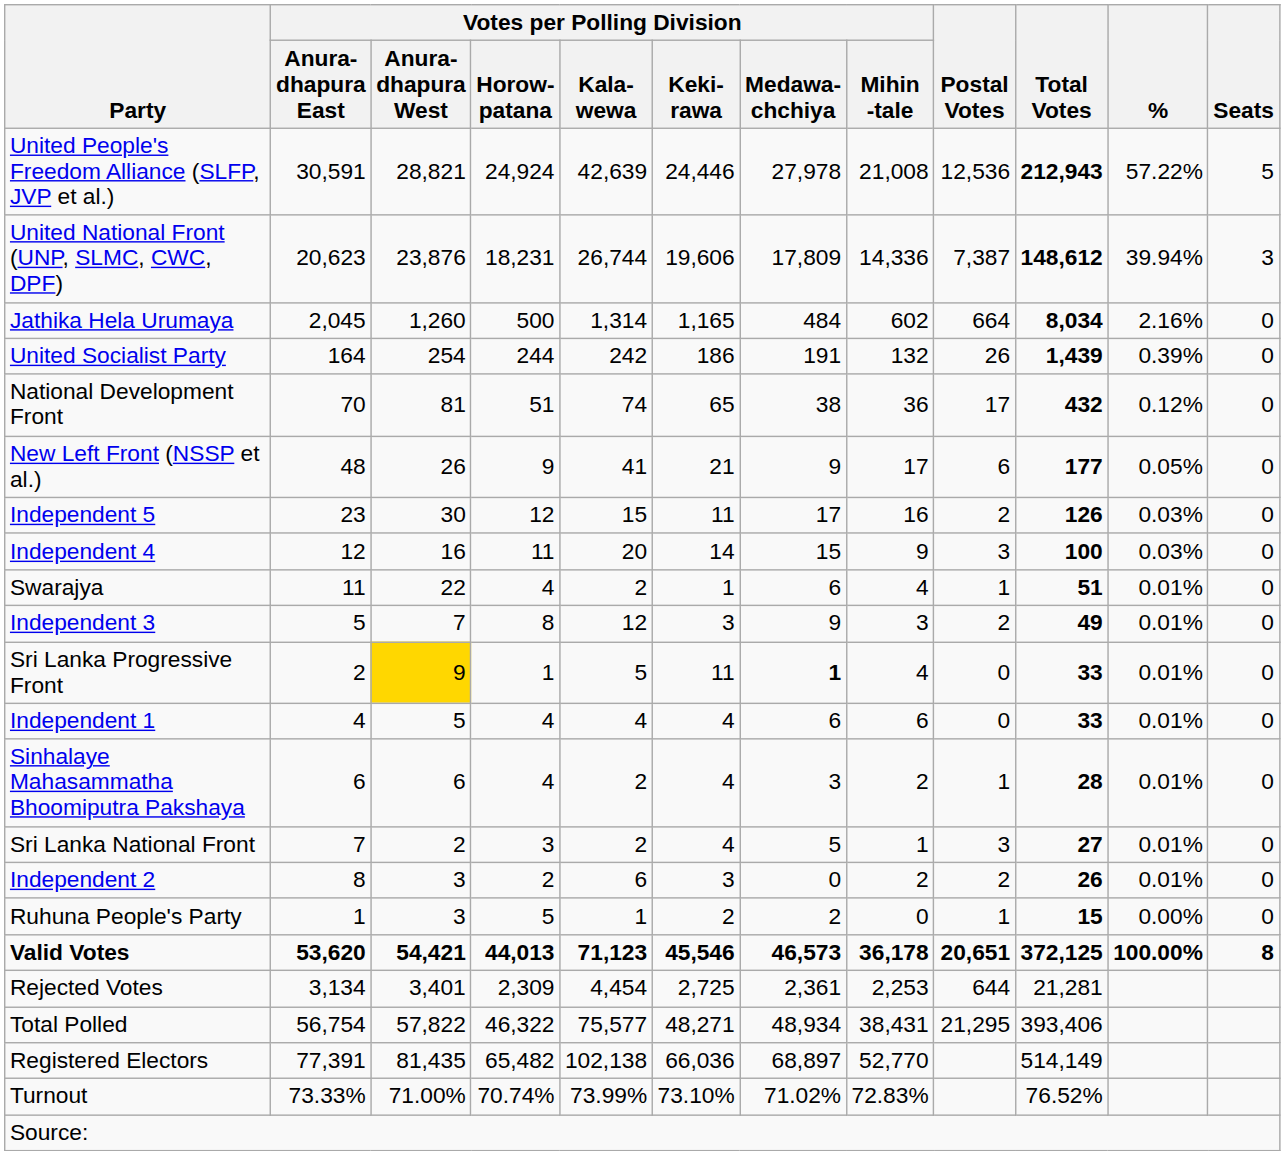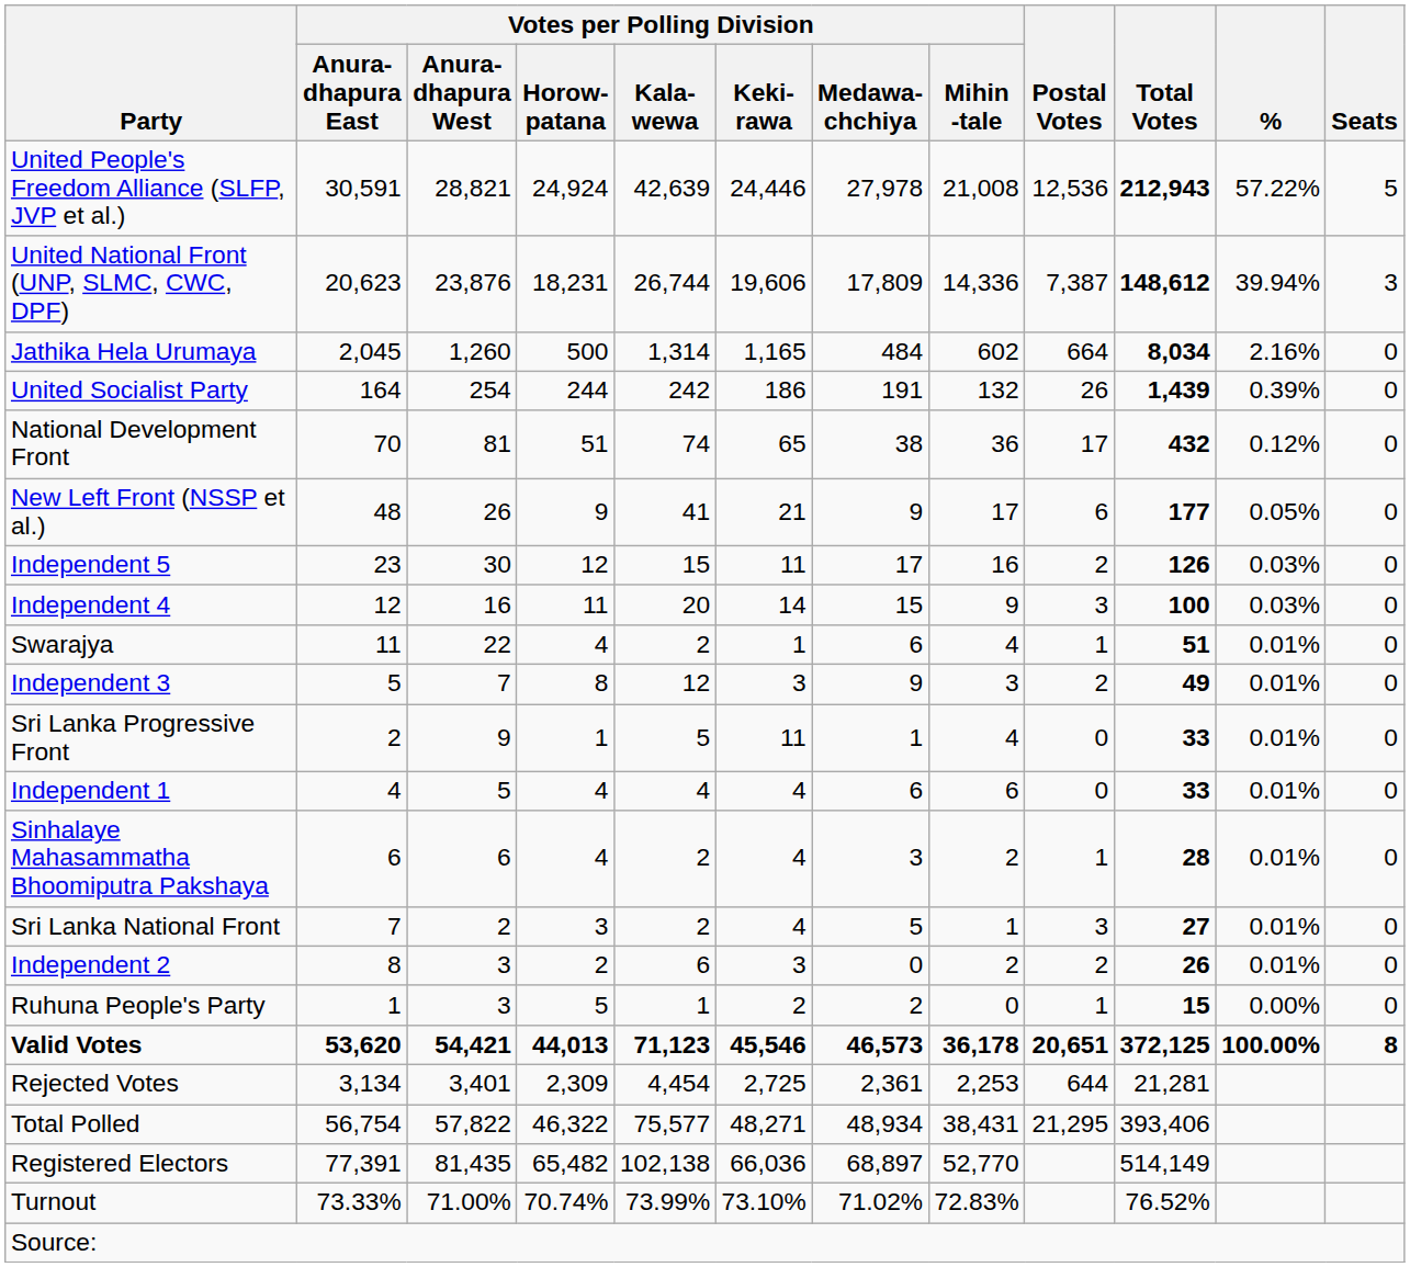 <table class="wikitable" border="1" style="text-align:right;">
 <tr>
 <th align=left valign=bottom rowspan=2 width="180">Party</th>
 <th colspan=7>Votes per Polling Division</th>
 <th align=center valign=bottom rowspan=2 width="50">Postal<br>Votes</th>
 <th align=center valign=bottom rowspan=2 width="50">Total Votes</th>
 <th align=center valign=bottom rowspan=2 width="50">%</th>
 <th align=center valign=bottom rowspan=2 width="40">Seats</th>
 </tr>
 <tr>
 <th align=center valign=bottom width="50">Anura-<br>dhapura<br>East</th>
 <th align=center valign=bottom width="50">Anura-<br>dhapura<br>West</th>
 <th align=center valign=bottom width="50">Horow-<br>patana</th>
 <th align=center valign=bottom width="50">Kala-<br>wewa</th>
 <th align=center valign=bottom width="50">Keki-<br>rawa</th>
 <th align=center valign=bottom width="50">Medawa-<br>chchiya</th>
 <th align=center valign=bottom width="50">Mihin<br>-tale</th>
 </tr>
 <tr>
 <td align=left><a href='#'>United People's Freedom Alliance</a> (<a href='#'>SLFP</a>, <a href='#'>JVP</a> et al.)</td>
 <td>30,591</td>
 <td>28,821</td>
 <td>24,924</td>
 <td>42,639</td>
 <td>24,446</td>
 <td>27,978</td>
 <td>21,008</td>
 <td>12,536</td>
 <td><strong>212,943</strong></td>
 <td>57.22%</td>
 <td>5</td>
 </tr>
 <tr>
 <td align=left><a href='#'>United National Front</a><br>(<a href='#'>UNP</a>, <a href='#'>SLMC</a>, <a href='#'>CWC</a>, <a href='#'>DPF</a>)</td>
 <td>20,623</td>
 <td>23,876</td>
 <td>18,231</td>
 <td>26,744</td>
 <td>19,606</td>
 <td>17,809</td>
 <td>14,336</td>
 <td>7,387</td>
 <td><strong>148,612</strong></td>
 <td>39.94%</td>
 <td>3</td>
 </tr>
 <tr>
 <td align=left><a href='#'>Jathika Hela Urumaya</a></td>
 <td>2,045</td>
 <td>1,260</td>
 <td>500</td>
 <td>1,314</td>
 <td>1,165</td>
 <td>484</td>
 <td>602</td>
 <td>664</td>
 <td><strong>8,034</strong></td>
 <td>2.16%</td>
 <td>0</td>
 </tr>
 <tr>
 <td align=left><a href='#'>United Socialist Party</a></td>
 <td>164</td>
 <td>254</td>
 <td>244</td>
 <td>242</td>
 <td>186</td>
 <td>191</td>
 <td>132</td>
 <td>26</td>
 <td><strong>1,439</strong></td>
 <td>0.39%</td>
 <td>0</td>
 </tr>
 <tr>
 <td align=left>National Development Front</td>
 <td>70</td>
 <td>81</td>
 <td>51</td>
 <td>74</td>
 <td>65</td>
 <td>38</td>
 <td>36</td>
 <td>17</td>
 <td><strong>432</strong></td>
 <td>0.12%</td>
 <td>0</td>
 </tr>
 <tr>
 <td align=left><a href='#'>New Left Front</a> (<a href='#'>NSSP</a> et al.)</td>
 <td>48</td>
 <td>26</td>
 <td>9</td>
 <td>41</td>
 <td>21</td>
 <td>9</td>
 <td>17</td>
 <td>6</td>
 <td><strong>177</strong></td>
 <td>0.05%</td>
 <td>0</td>
 </tr>
 <tr>
 <td align=left><a href='#'>Independent 5</a></td>
 <td>23</td>
 <td>30</td>
 <td>12</td>
 <td>15</td>
 <td>11</td>
 <td>17</td>
 <td>16</td>
 <td>2</td>
 <td><strong>126</strong></td>
 <td>0.03%</td>
 <td>0</td>
 </tr>
 <tr>
 <td align=left><a href='#'>Independent 4</a></td>
 <td>12</td>
 <td>16</td>
 <td>11</td>
 <td>20</td>
 <td>14</td>
 <td>15</td>
 <td>9</td>
 <td>3</td>
 <td><strong>100</strong></td>
 <td>0.03%</td>
 <td>0</td>
 </tr>
 <tr>
 <td align=left>Swarajya</td>
 <td>11</td>
 <td>22</td>
 <td>4</td>
 <td>2</td>
 <td>1</td>
 <td>6</td>
 <td>4</td>
 <td>1</td>
 <td><strong>51</strong></td>
 <td>0.01%</td>
 <td>0</td>
 </tr>
 <tr>
 <td align=left><a href='#'>Independent 3</a></td>
 <td>5</td>
 <td>7</td>
 <td>8</td>
 <td>12</td>
 <td>3</td>
 <td>9</td>
 <td>3</td>
 <td>2</td>
 <td><strong>49</strong></td>
 <td>0.01%</td>
 <td>0</td>
 </tr>
 <tr>
 <td align=left>Sri Lanka Progressive Front</td>
 <td>2</td>
-<td style="background: gold;">9</td>
+<td>9</td>
 <td>1</td>
 <td>5</td>
 <td>11</td>
-<td><strong>1</strong></td>
+<td>1</td>
 <td>4</td>
 <td>0</td>
 <td><strong>33</strong></td>
 <td>0.01%</td>
 <td>0</td>
 </tr>
 <tr>
 <td align=left><a href='#'>Independent 1</a></td>
 <td>4</td>
 <td>5</td>
 <td>4</td>
 <td>4</td>
 <td>4</td>
 <td>6</td>
 <td>6</td>
 <td>0</td>
 <td><strong>33</strong></td>
 <td>0.01%</td>
 <td>0</td>
 </tr>
 <tr>
 <td align=left><a href='#'>Sinhalaye Mahasammatha Bhoomiputra Pakshaya</a></td>
 <td>6</td>
 <td>6</td>
 <td>4</td>
 <td>2</td>
 <td>4</td>
 <td>3</td>
 <td>2</td>
 <td>1</td>
 <td><strong>28</strong></td>
 <td>0.01%</td>
 <td>0</td>
 </tr>
 <tr>
 <td align=left>Sri Lanka National Front</td>
 <td>7</td>
 <td>2</td>
 <td>3</td>
 <td>2</td>
 <td>4</td>
 <td>5</td>
 <td>1</td>
 <td>3</td>
 <td><strong>27</strong></td>
 <td>0.01%</td>
 <td>0</td>
 </tr>
 <tr>
 <td align=left><a href='#'>Independent 2</a></td>
 <td>8</td>
 <td>3</td>
 <td>2</td>
 <td>6</td>
 <td>3</td>
 <td>0</td>
 <td>2</td>
 <td>2</td>
 <td><strong>26</strong></td>
 <td>0.01%</td>
 <td>0</td>
 </tr>
 <tr>
 <td align=left>Ruhuna People's Party</td>
 <td>1</td>
 <td>3</td>
 <td>5</td>
 <td>1</td>
 <td>2</td>
 <td>2</td>
 <td>0</td>
 <td>1</td>
 <td><strong>15</strong></td>
 <td>0.00%</td>
 <td>0</td>
 </tr>
 <tr>
 <td align=left><strong>Valid Votes</strong></td>
 <td><strong>53,620</strong></td>
 <td><strong>54,421</strong></td>
 <td><strong>44,013</strong></td>
 <td><strong>71,123</strong></td>
 <td><strong>45,546</strong></td>
 <td><strong>46,573</strong></td>
 <td><strong>36,178</strong></td>
 <td><strong>20,651</strong></td>
 <td><strong>372,125</strong></td>
 <td><strong>100.00%</strong></td>
 <td><strong>8</strong></td>
 </tr>
 <tr>
 <td align=left>Rejected Votes</td>
 <td>3,134</td>
 <td>3,401</td>
 <td>2,309</td>
 <td>4,454</td>
 <td>2,725</td>
 <td>2,361</td>
 <td>2,253</td>
 <td>644</td>
 <td>21,281</td>
 <td></td>
 <td></td>
 </tr>
 <tr>
 <td align=left>Total Polled</td>
 <td>56,754</td>
 <td>57,822</td>
 <td>46,322</td>
 <td>75,577</td>
 <td>48,271</td>
 <td>48,934</td>
 <td>38,431</td>
 <td>21,295</td>
 <td>393,406</td>
 <td></td>
 <td></td>
 </tr>
 <tr>
 <td align=left>Registered Electors</td>
 <td>77,391</td>
 <td>81,435</td>
 <td>65,482</td>
 <td>102,138</td>
 <td>66,036</td>
 <td>68,897</td>
 <td>52,770</td>
 <td></td>
 <td>514,149</td>
 <td></td>
 <td></td>
 </tr>
 <tr>
 <td align=left>Turnout</td>
 <td>73.33%</td>
 <td>71.00%</td>
 <td>70.74%</td>
 <td>73.99%</td>
 <td>73.10%</td>
 <td>71.02%</td>
 <td>72.83%</td>
 <td></td>
 <td>76.52%</td>
 <td></td>
 <td></td>
 </tr>
 <tr>
 <td align=left colspan=13>Source:</td>
 </tr>
 </table>
